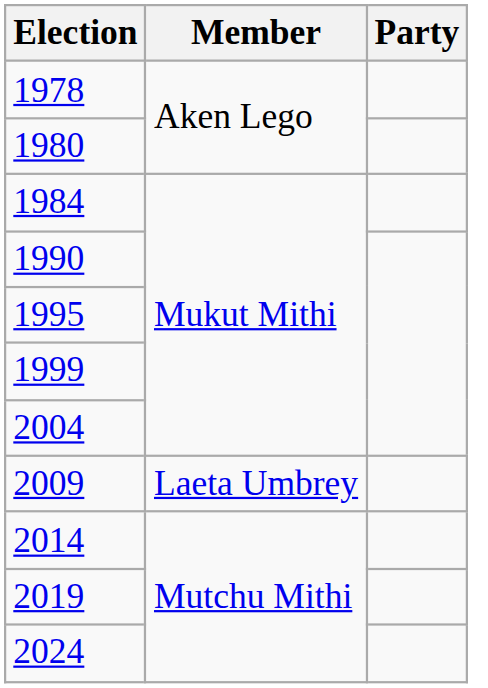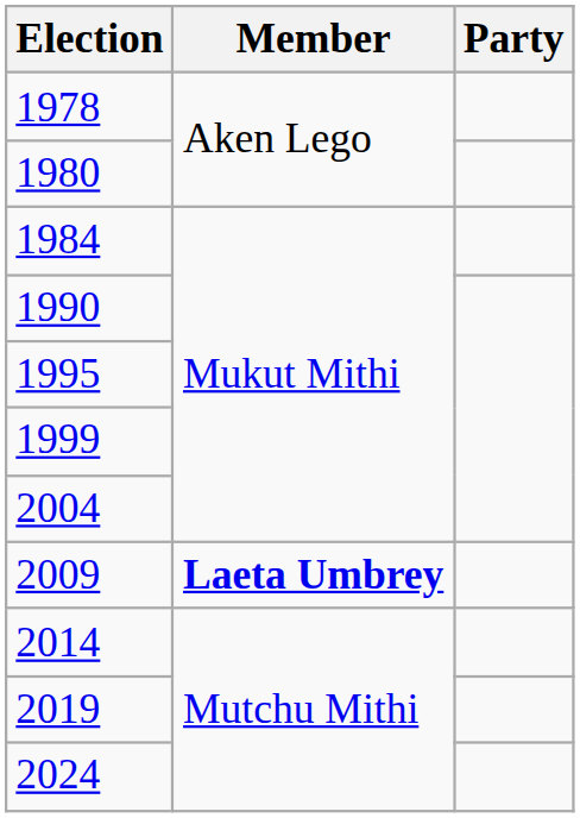 <table class="wikitable sortable">
 <tr>
 <th>Election</th>
 <th>Member</th>
 <th colspan=2>Party</th>
 </tr>
 <tr>
 <td><a href='#'>1978</a></td>
 <td rowspan=2>Aken Lego</td>
 <td></td>
 </tr>
 <tr>
 <td><a href='#'>1980</a></td>
 </tr>
 <tr>
 <td><a href='#'>1984</a></td>
 <td rowspan=5><a href='#'>Mukut Mithi</a></td>
 <td></td>
 </tr>
 <tr>
 <td><a href='#'>1990</a></td>
 </tr>
 <tr>
 <td><a href='#'>1995</a></td>
 </tr>
 <tr>
 <td><a href='#'>1999</a></td>
 </tr>
 <tr>
 <td><a href='#'>2004</a></td>
 </tr>
 <tr>
 <td><a href='#'>2009</a></td>
-<td><a href='#'>Laeta Umbrey</a></td>
+<td><strong><a href='#'>Laeta Umbrey</a></strong></td>
 <td></td>
 </tr>
 <tr>
 <td><a href='#'>2014</a></td>
 <td rowspan=3><a href='#'>Mutchu Mithi</a></td>
 <td></td>
 </tr>
 <tr>
 <td><a href='#'>2019</a></td>
 <td></td>
 </tr>
 <tr>
 <td><a href='#'>2024</a></td>
 <td></td>
 </tr>
 </table>
